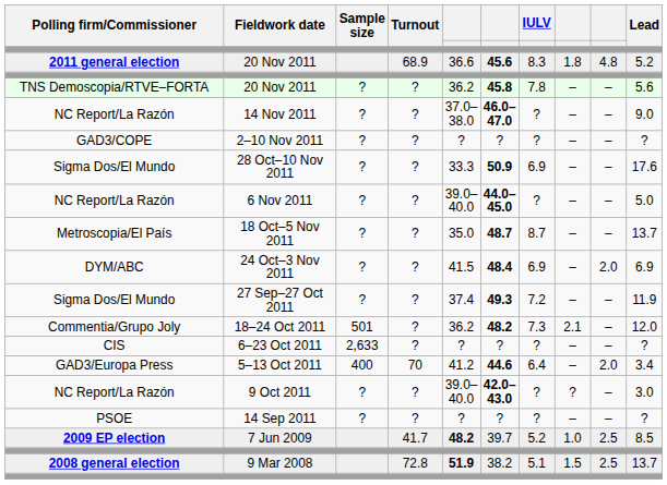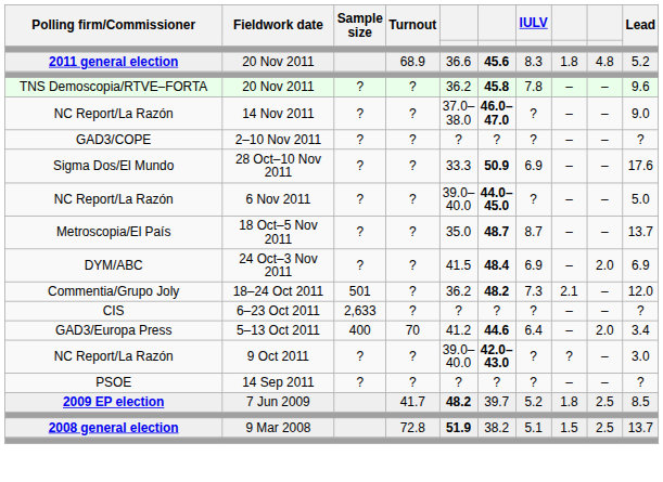 <table class="wikitable collapsible collapsed" style="text-align:center; font-size:95%; line-height:16px;">
 <tr style="height:42px;">
 <th style="width:250px;" rowspan="2">Polling firm/Commissioner</th>
 <th style="width:125px;" rowspan="2">Fieldwork date</th>
 <th style="width:50px;" rowspan="2">Sample size</th>
 <th style="width:45px;" rowspan="2">Turnout</th>
 <th style="width:35px;"></th>
 <th style="width:35px;"></th>
 <th style="width:35px;"><a href='#'>IULV</a></th>
 <th style="width:35px;"></th>
 <th style="width:35px;"></th>
 <th style="width:30px;" rowspan="2">Lead</th>
 </tr>
 <tr>
 <th style="color:inherit;background:"></th>
 <th style="color:inherit;background:"></th>
 <th style="color:inherit;background:"></th>
 <th style="color:inherit;background:"></th>
 <th style="color:inherit;background:"></th>
 </tr>
 <tr>
 <td colspan="10" style="background:#A0A0A0"></td>
 </tr>
 <tr style="background:#EFEFEF;">
 <td><strong><a href='#'>2011 general election</a></strong></td>
 <td>20 Nov 2011</td>
 <td></td>
 <td>68.9</td>
 <td>36.6<br></td>
 <td><strong>45.6</strong><br></td>
 <td>8.3<br></td>
 <td>1.8<br></td>
 <td>4.8<br></td>
 <td style="background:">5.2</td>
 </tr>
 <tr>
 <td colspan="10" style="background:#A0A0A0"></td>
 </tr>
 <tr style="background:#EAFFEA;">
 <td>TNS Demoscopia/RTVE–FORTA</td>
 <td>20 Nov 2011</td>
 <td>?</td>
 <td>?</td>
 <td>36.2<br></td>
 <td><strong>45.8</strong><br></td>
 <td>7.8<br></td>
 <td>–</td>
 <td>–</td>
-<td style="background:">5.6</td>
+<td style="background:">9.6</td>
 </tr>
 <tr>
 <td>NC Report/La Razón</td>
 <td>14 Nov 2011</td>
 <td>?</td>
 <td>?</td>
 <td>37.0–<br>38.0<br></td>
 <td><strong>46.0–<br>47.0</strong><br></td>
 <td>?<br></td>
 <td>–</td>
 <td>–</td>
 <td style="background:">9.0</td>
 </tr>
 <tr>
 <td>GAD3/COPE</td>
 <td>2–10 Nov 2011</td>
 <td>?</td>
 <td>?</td>
 <td>?<br></td>
 <td>?<br></td>
 <td>?<br></td>
 <td>–</td>
 <td>–</td>
 <td style="background:">?</td>
 </tr>
 <tr>
 <td>Sigma Dos/El Mundo</td>
 <td>28 Oct–10 Nov 2011</td>
 <td>?</td>
 <td>?</td>
 <td>33.3<br></td>
 <td><strong>50.9</strong><br></td>
 <td>6.9<br></td>
 <td>–</td>
 <td>–</td>
 <td style="background:">17.6</td>
 </tr>
 <tr>
 <td>NC Report/La Razón</td>
 <td>6 Nov 2011</td>
 <td>?</td>
 <td>?</td>
 <td>39.0–<br>40.0<br></td>
 <td><strong>44.0–<br>45.0</strong><br></td>
 <td>?<br></td>
 <td>–</td>
 <td>–</td>
 <td style="background:">5.0</td>
 </tr>
 <tr>
 <td>Metroscopia/El País</td>
 <td>18 Oct–5 Nov 2011</td>
 <td>?</td>
 <td>?</td>
 <td>35.0<br></td>
 <td><strong>48.7</strong><br></td>
 <td>8.7<br></td>
 <td>–</td>
 <td>–</td>
 <td style="background:">13.7</td>
 </tr>
 <tr>
 <td>DYM/ABC</td>
 <td>24 Oct–3 Nov 2011</td>
 <td>?</td>
 <td>?</td>
 <td>41.5<br></td>
 <td><strong>48.4</strong><br></td>
 <td>6.9<br></td>
 <td>–</td>
 <td>2.0<br></td>
 <td style="background:">6.9</td>
 </tr>
 <tr>
-<td>Sigma Dos/El Mundo</td>
-<td>27 Sep–27 Oct 2011</td>
-<td>?</td>
-<td>?</td>
-<td>37.4<br></td>
-<td><strong>49.3</strong><br></td>
-<td>7.2<br></td>
-<td>–</td>
-<td>–</td>
-<td style="background:">11.9</td>
-</tr>
-<tr>
 <td>Commentia/Grupo Joly</td>
 <td>18–24 Oct 2011</td>
 <td>501</td>
 <td>?</td>
 <td>36.2</td>
 <td><strong>48.2</strong></td>
 <td>7.3</td>
 <td>2.1</td>
 <td>–</td>
 <td style="background:">12.0</td>
 </tr>
 <tr>
 <td>CIS</td>
 <td>6–23 Oct 2011</td>
 <td>2,633</td>
 <td>?</td>
 <td>?<br></td>
 <td>?<br></td>
 <td>?<br></td>
 <td>–</td>
 <td>–</td>
 <td style="background:">?</td>
 </tr>
 <tr>
 <td>GAD3/Europa Press</td>
 <td>5–13 Oct 2011</td>
 <td>400</td>
 <td>70</td>
 <td>41.2<br></td>
 <td><strong>44.6</strong><br></td>
 <td>6.4<br></td>
 <td>–</td>
 <td>2.0<br></td>
 <td style="background:">3.4</td>
 </tr>
 <tr>
 <td>NC Report/La Razón</td>
 <td>9 Oct 2011</td>
 <td>?</td>
 <td>?</td>
 <td>39.0–<br>40.0<br></td>
 <td><strong>42.0–<br>43.0</strong><br></td>
 <td>?<br></td>
 <td>?<br></td>
 <td>–</td>
 <td style="background:">3.0</td>
 </tr>
 <tr>
 <td>PSOE</td>
 <td>14 Sep 2011</td>
 <td>?</td>
 <td>?</td>
 <td>?<br></td>
 <td>?<br></td>
 <td>?<br></td>
 <td>–</td>
 <td>–</td>
 <td style="background:">?</td>
 </tr>
 <tr style="background:#EFEFEF;">
 <td><strong><a href='#'>2009 EP election</a></strong></td>
 <td>7 Jun 2009</td>
 <td></td>
 <td>41.7</td>
 <td><strong>48.2</strong><br></td>
 <td>39.7<br></td>
 <td>5.2<br></td>
-<td>1.0<br></td>
+<td>1.8<br></td>
 <td>2.5<br></td>
 <td style="background:">8.5</td>
 </tr>
 <tr>
 <td colspan="10" style="background:#A0A0A0"></td>
 </tr>
 <tr style="background:#EFEFEF;">
 <td><strong><a href='#'>2008 general election</a></strong></td>
 <td>9 Mar 2008</td>
 <td></td>
 <td>72.8</td>
 <td><strong>51.9</strong><br></td>
 <td>38.2<br></td>
 <td>5.1<br></td>
 <td>1.5<br></td>
 <td>2.5<br></td>
 <td style="background:">13.7</td>
 </tr>
 <tr>
 <td colspan="10" style="background:#A0A0A0"></td>
 </tr>
 </table>
